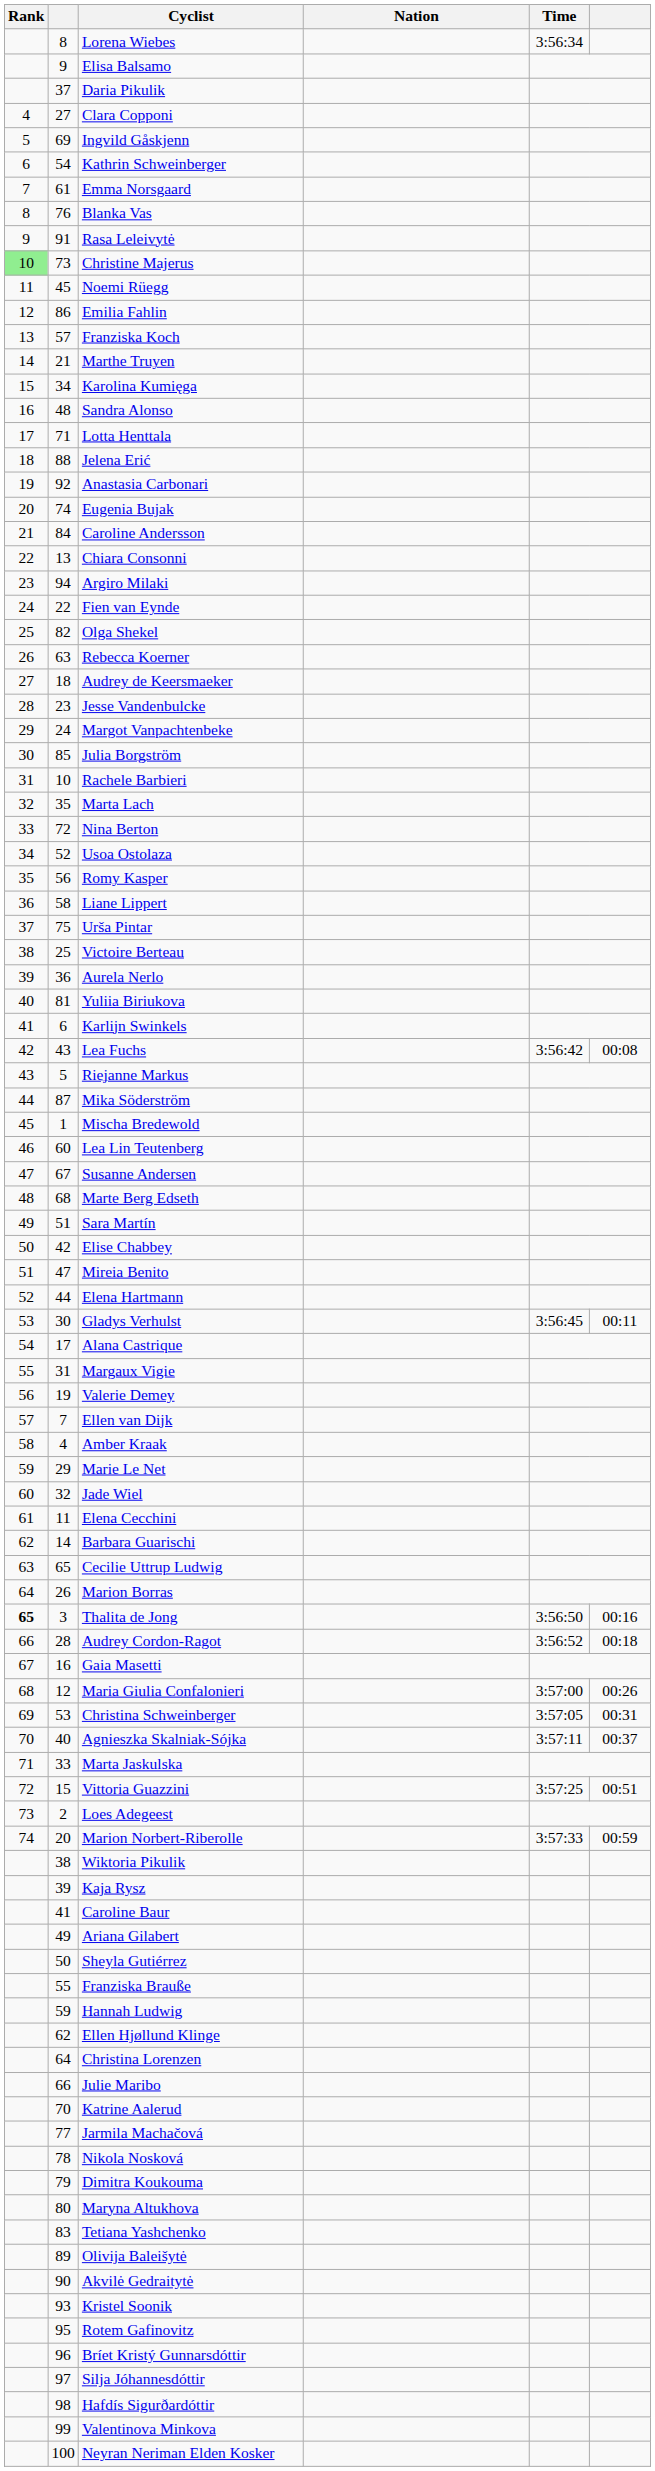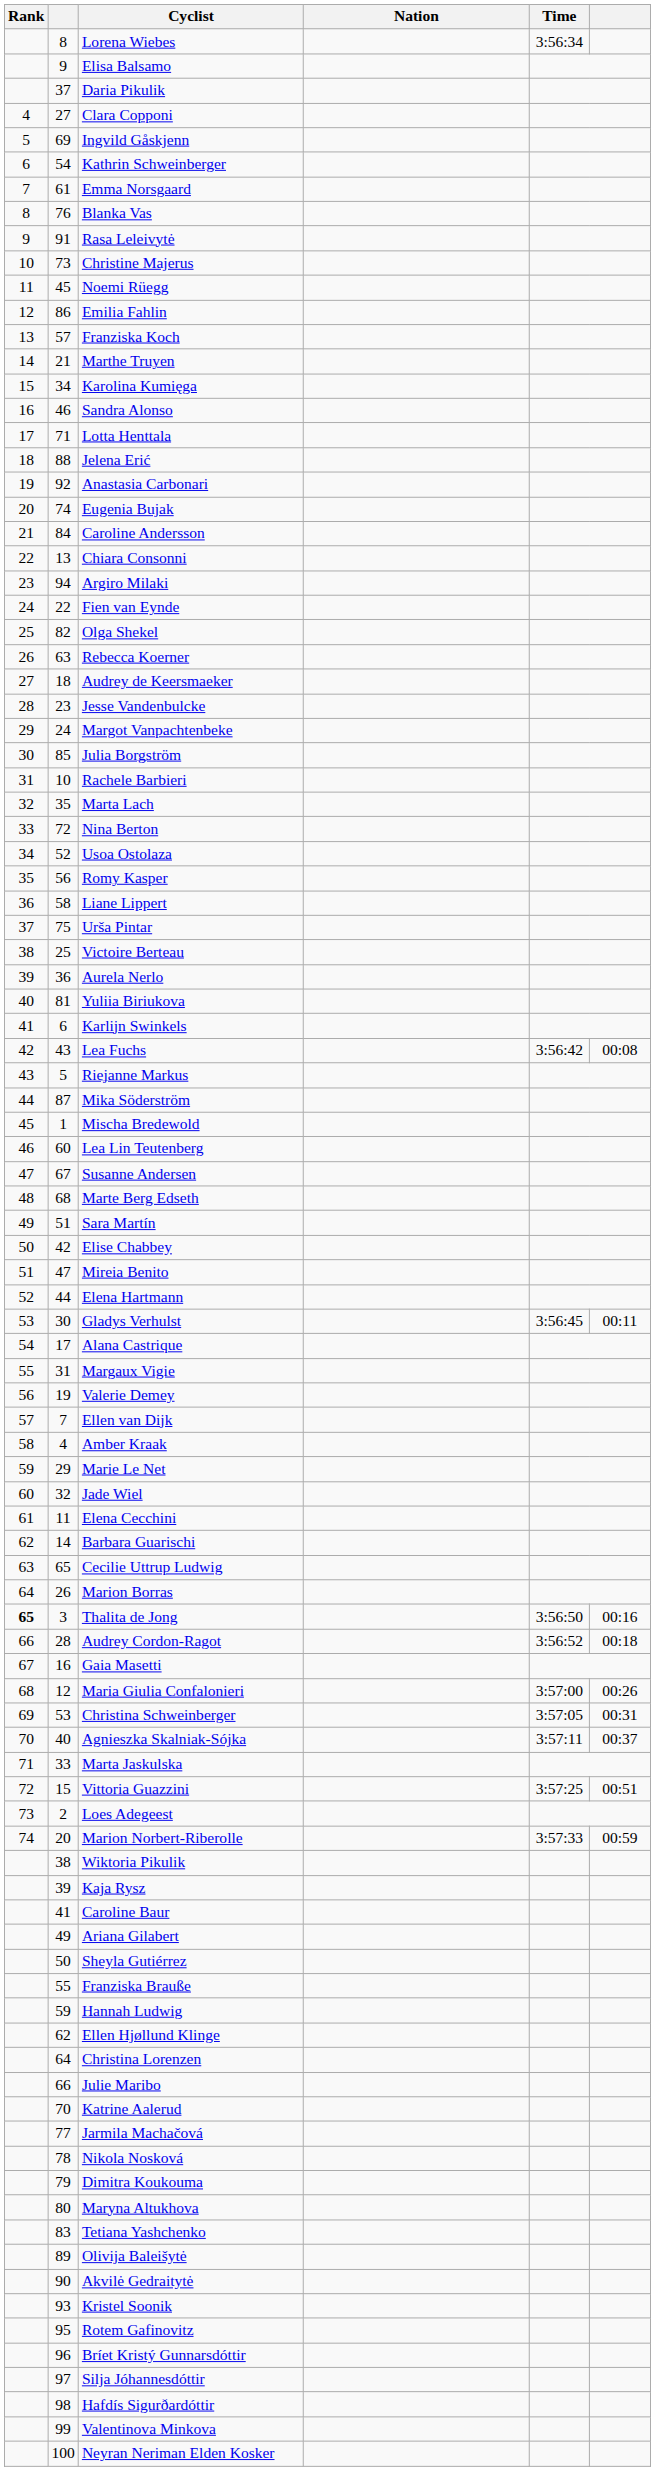 <table class="wikitable sortable" style="text-align:center;">
 <tr>
 <th scope="col" style="width: 30px;">Rank</th>
 <th scope="col" style="width: 20px;"></th>
 <th scope="col" style="width: 225px;">Cyclist</th>
 <th scope="col" style="width: 225px;">Nation</th>
 <th scope="col" style="width: 55px;">Time</th>
 <th scope="col" style="width: 55px;"></th>
 </tr>
 <tr>
 <td></td>
 <td>8</td>
 <td align="left"><a href='#'>Lorena Wiebes</a></td>
 <td align="left"></td>
 <td>3:56:34</td>
 <td></td>
 </tr>
 <tr>
 <td></td>
 <td>9</td>
 <td align="left"><a href='#'>Elisa Balsamo</a></td>
 <td align="left"></td>
 <td colspan=2></td>
 </tr>
 <tr>
 <td></td>
 <td>37</td>
 <td align="left"><a href='#'>Daria Pikulik</a></td>
 <td align="left"></td>
 <td colspan=2></td>
 </tr>
 <tr>
 <td>4</td>
 <td>27</td>
 <td align="left"><a href='#'>Clara Copponi</a></td>
 <td align="left"></td>
 <td colspan=2></td>
 </tr>
 <tr>
 <td>5</td>
 <td>69</td>
 <td align="left"><a href='#'>Ingvild Gåskjenn</a></td>
 <td align="left"></td>
 <td colspan=2></td>
 </tr>
 <tr>
 <td>6</td>
 <td>54</td>
 <td align="left"><a href='#'>Kathrin Schweinberger</a></td>
 <td align="left"></td>
 <td colspan=2></td>
 </tr>
 <tr>
 <td>7</td>
 <td>61</td>
 <td align="left"><a href='#'>Emma Norsgaard</a></td>
 <td align="left"></td>
 <td colspan=2></td>
 </tr>
 <tr>
 <td>8</td>
 <td>76</td>
 <td align="left"><a href='#'>Blanka Vas</a></td>
 <td align="left"></td>
 <td colspan=2></td>
 </tr>
 <tr>
 <td>9</td>
 <td>91</td>
 <td align="left"><a href='#'>Rasa Leleivytė</a></td>
 <td align="left"></td>
 <td colspan=2></td>
 </tr>
 <tr>
-<td style="background: lightgreen;">10</td>
+<td>10</td>
 <td>73</td>
 <td align="left"><a href='#'>Christine Majerus</a></td>
 <td align="left"></td>
 <td colspan=2></td>
 </tr>
 <tr>
 <td>11</td>
 <td>45</td>
 <td align="left"><a href='#'>Noemi Rüegg</a></td>
 <td align="left"></td>
 <td colspan=2></td>
 </tr>
 <tr>
 <td>12</td>
 <td>86</td>
 <td align="left"><a href='#'>Emilia Fahlin</a></td>
 <td align="left"></td>
 <td colspan=2></td>
 </tr>
 <tr>
 <td>13</td>
 <td>57</td>
 <td align="left"><a href='#'>Franziska Koch</a></td>
 <td align="left"></td>
 <td colspan=2></td>
 </tr>
 <tr>
 <td>14</td>
 <td>21</td>
 <td align="left"><a href='#'>Marthe Truyen</a></td>
 <td align="left"></td>
 <td colspan=2></td>
 </tr>
 <tr>
 <td>15</td>
 <td>34</td>
 <td align="left"><a href='#'>Karolina Kumięga</a></td>
 <td align="left"></td>
 <td colspan=2></td>
 </tr>
 <tr>
 <td>16</td>
-<td>48</td>
+<td>46</td>
 <td align="left"><a href='#'>Sandra Alonso</a></td>
 <td align="left"></td>
 <td colspan=2></td>
 </tr>
 <tr>
 <td>17</td>
 <td>71</td>
 <td align="left"><a href='#'>Lotta Henttala</a></td>
 <td align="left"></td>
 <td colspan=2></td>
 </tr>
 <tr>
 <td>18</td>
 <td>88</td>
 <td align="left"><a href='#'>Jelena Erić</a></td>
 <td align="left"></td>
 <td colspan=2></td>
 </tr>
 <tr>
 <td>19</td>
 <td>92</td>
 <td align="left"><a href='#'>Anastasia Carbonari</a></td>
 <td align="left"></td>
 <td colspan=2></td>
 </tr>
 <tr>
 <td>20</td>
 <td>74</td>
 <td align="left"><a href='#'>Eugenia Bujak</a></td>
 <td align="left"></td>
 <td colspan=2></td>
 </tr>
 <tr>
 <td>21</td>
 <td>84</td>
 <td align="left"><a href='#'>Caroline Andersson</a></td>
 <td align="left"></td>
 <td colspan=2></td>
 </tr>
 <tr>
 <td>22</td>
 <td>13</td>
 <td align="left"><a href='#'>Chiara Consonni</a></td>
 <td align="left"></td>
 <td colspan=2></td>
 </tr>
 <tr>
 <td>23</td>
 <td>94</td>
 <td align="left"><a href='#'>Argiro Milaki</a></td>
 <td align="left"></td>
 <td colspan=2></td>
 </tr>
 <tr>
 <td>24</td>
 <td>22</td>
 <td align="left"><a href='#'>Fien van Eynde</a></td>
 <td align="left"></td>
 <td colspan=2></td>
 </tr>
 <tr>
 <td>25</td>
 <td>82</td>
 <td align="left"><a href='#'>Olga Shekel</a></td>
 <td align="left"></td>
 <td colspan=2></td>
 </tr>
 <tr>
 <td>26</td>
 <td>63</td>
 <td align="left"><a href='#'>Rebecca Koerner</a></td>
 <td align="left"></td>
 <td colspan=2></td>
 </tr>
 <tr>
 <td>27</td>
 <td>18</td>
 <td align="left"><a href='#'>Audrey de Keersmaeker</a></td>
 <td align="left"></td>
 <td colspan=2></td>
 </tr>
 <tr>
 <td>28</td>
 <td>23</td>
 <td align="left"><a href='#'>Jesse Vandenbulcke</a></td>
 <td align="left"></td>
 <td colspan=2></td>
 </tr>
 <tr>
 <td>29</td>
 <td>24</td>
 <td align="left"><a href='#'>Margot Vanpachtenbeke</a></td>
 <td align="left"></td>
 <td colspan=2></td>
 </tr>
 <tr>
 <td>30</td>
 <td>85</td>
 <td align="left"><a href='#'>Julia Borgström</a></td>
 <td align="left"></td>
 <td colspan=2></td>
 </tr>
 <tr>
 <td>31</td>
 <td>10</td>
 <td align="left"><a href='#'>Rachele Barbieri</a></td>
 <td align="left"></td>
 <td colspan=2></td>
 </tr>
 <tr>
 <td>32</td>
 <td>35</td>
 <td align="left"><a href='#'>Marta Lach</a></td>
 <td align="left"></td>
 <td colspan=2></td>
 </tr>
 <tr>
 <td>33</td>
 <td>72</td>
 <td align="left"><a href='#'>Nina Berton</a></td>
 <td align="left"></td>
 <td colspan=2></td>
 </tr>
 <tr>
 <td>34</td>
 <td>52</td>
 <td align="left"><a href='#'>Usoa Ostolaza</a></td>
 <td align="left"></td>
 <td colspan=2></td>
 </tr>
 <tr>
 <td>35</td>
 <td>56</td>
 <td align="left"><a href='#'>Romy Kasper</a></td>
 <td align="left"></td>
 <td colspan=2></td>
 </tr>
 <tr>
 <td>36</td>
 <td>58</td>
 <td align="left"><a href='#'>Liane Lippert</a></td>
 <td align="left"></td>
 <td colspan=2></td>
 </tr>
 <tr>
 <td>37</td>
 <td>75</td>
 <td align="left"><a href='#'>Urša Pintar</a></td>
 <td align="left"></td>
 <td colspan=2></td>
 </tr>
 <tr>
 <td>38</td>
 <td>25</td>
 <td align="left"><a href='#'>Victoire Berteau</a></td>
 <td align="left"></td>
 <td colspan=2></td>
 </tr>
 <tr>
 <td>39</td>
 <td>36</td>
 <td align="left"><a href='#'>Aurela Nerlo</a></td>
 <td align="left"></td>
 <td colspan=2></td>
 </tr>
 <tr>
 <td>40</td>
 <td>81</td>
 <td align="left"><a href='#'>Yuliia Biriukova</a></td>
 <td align="left"></td>
 <td colspan=2></td>
 </tr>
 <tr>
 <td>41</td>
 <td>6</td>
 <td align="left"><a href='#'>Karlijn Swinkels</a></td>
 <td align="left"></td>
 <td colspan=2></td>
 </tr>
 <tr>
 <td>42</td>
 <td>43</td>
 <td align="left"><a href='#'>Lea Fuchs</a></td>
 <td align="left"></td>
 <td>3:56:42</td>
 <td>00:08</td>
 </tr>
 <tr>
 <td>43</td>
 <td>5</td>
 <td align="left"><a href='#'>Riejanne Markus</a></td>
 <td align="left"></td>
 <td colspan=2></td>
 </tr>
 <tr>
 <td>44</td>
 <td>87</td>
 <td align="left"><a href='#'>Mika Söderström</a></td>
 <td align="left"></td>
 <td colspan=2></td>
 </tr>
 <tr>
 <td>45</td>
 <td>1</td>
 <td align="left"><a href='#'>Mischa Bredewold</a></td>
 <td align="left"></td>
 <td colspan=2></td>
 </tr>
 <tr>
 <td>46</td>
 <td>60</td>
 <td align="left"><a href='#'>Lea Lin Teutenberg</a></td>
 <td align="left"></td>
 <td colspan=2></td>
 </tr>
 <tr>
 <td>47</td>
 <td>67</td>
 <td align="left"><a href='#'>Susanne Andersen</a></td>
 <td align="left"></td>
 <td colspan=2></td>
 </tr>
 <tr>
 <td>48</td>
 <td>68</td>
 <td align="left"><a href='#'>Marte Berg Edseth</a></td>
 <td align="left"></td>
 <td colspan=2></td>
 </tr>
 <tr>
 <td>49</td>
 <td>51</td>
 <td align="left"><a href='#'>Sara Martín</a></td>
 <td align="left"></td>
 <td colspan=2></td>
 </tr>
 <tr>
 <td>50</td>
 <td>42</td>
 <td align="left"><a href='#'>Elise Chabbey</a></td>
 <td align="left"></td>
 <td colspan=2></td>
 </tr>
 <tr>
 <td>51</td>
 <td>47</td>
 <td align="left"><a href='#'>Mireia Benito</a></td>
 <td align="left"></td>
 <td colspan=2></td>
 </tr>
 <tr>
 <td>52</td>
 <td>44</td>
 <td align="left"><a href='#'>Elena Hartmann</a></td>
 <td align="left"></td>
 <td colspan=2></td>
 </tr>
 <tr>
 <td>53</td>
 <td>30</td>
 <td align="left"><a href='#'>Gladys Verhulst</a></td>
 <td align="left"></td>
 <td>3:56:45</td>
 <td>00:11</td>
 </tr>
 <tr>
 <td>54</td>
 <td>17</td>
 <td align="left"><a href='#'>Alana Castrique</a></td>
 <td align="left"></td>
 <td colspan=2></td>
 </tr>
 <tr>
 <td>55</td>
 <td>31</td>
 <td align="left"><a href='#'>Margaux Vigie</a></td>
 <td align="left"></td>
 <td colspan=2></td>
 </tr>
 <tr>
 <td>56</td>
 <td>19</td>
 <td align="left"><a href='#'>Valerie Demey</a></td>
 <td align="left"></td>
 <td colspan=2></td>
 </tr>
 <tr>
 <td>57</td>
 <td>7</td>
 <td align="left"><a href='#'>Ellen van Dijk</a></td>
 <td align="left"></td>
 <td colspan=2></td>
 </tr>
 <tr>
 <td>58</td>
 <td>4</td>
 <td align="left"><a href='#'>Amber Kraak</a></td>
 <td align="left"></td>
 <td colspan=2></td>
 </tr>
 <tr>
 <td>59</td>
 <td>29</td>
 <td align="left"><a href='#'>Marie Le Net</a></td>
 <td align="left"></td>
 <td colspan=2></td>
 </tr>
 <tr>
 <td>60</td>
 <td>32</td>
 <td align="left"><a href='#'>Jade Wiel</a></td>
 <td align="left"></td>
 <td colspan=2></td>
 </tr>
 <tr>
 <td>61</td>
 <td>11</td>
 <td align="left"><a href='#'>Elena Cecchini</a></td>
 <td align="left"></td>
 <td colspan=2></td>
 </tr>
 <tr>
 <td>62</td>
 <td>14</td>
 <td align="left"><a href='#'>Barbara Guarischi</a></td>
 <td align="left"></td>
 <td colspan=2></td>
 </tr>
 <tr>
 <td>63</td>
 <td>65</td>
 <td align="left"><a href='#'>Cecilie Uttrup Ludwig</a></td>
 <td align="left"></td>
 <td colspan=2></td>
 </tr>
 <tr>
 <td>64</td>
 <td>26</td>
 <td align="left"><a href='#'>Marion Borras</a></td>
 <td align="left"></td>
 <td colspan=2></td>
 </tr>
 <tr>
 <td><strong>65</strong></td>
 <td>3</td>
 <td align="left"><a href='#'>Thalita de Jong</a></td>
 <td align="left"></td>
 <td>3:56:50</td>
 <td>00:16</td>
 </tr>
 <tr>
 <td>66</td>
 <td>28</td>
 <td align="left"><a href='#'>Audrey Cordon-Ragot</a></td>
 <td align="left"></td>
 <td>3:56:52</td>
 <td>00:18</td>
 </tr>
 <tr>
 <td>67</td>
 <td>16</td>
 <td align="left"><a href='#'>Gaia Masetti</a></td>
 <td align="left"></td>
 <td colspan=2></td>
 </tr>
 <tr>
 <td>68</td>
 <td>12</td>
 <td align="left"><a href='#'>Maria Giulia Confalonieri</a></td>
 <td align="left"></td>
 <td>3:57:00</td>
 <td>00:26</td>
 </tr>
 <tr>
 <td>69</td>
 <td>53</td>
 <td align="left"><a href='#'>Christina Schweinberger</a></td>
 <td align="left"></td>
 <td>3:57:05</td>
 <td>00:31</td>
 </tr>
 <tr>
 <td>70</td>
 <td>40</td>
 <td align="left"><a href='#'>Agnieszka Skalniak-Sójka</a></td>
 <td align="left"></td>
 <td>3:57:11</td>
 <td>00:37</td>
 </tr>
 <tr>
 <td>71</td>
 <td>33</td>
 <td align="left"><a href='#'>Marta Jaskulska</a></td>
 <td align="left"></td>
 <td colspan=2></td>
 </tr>
 <tr>
 <td>72</td>
 <td>15</td>
 <td align="left"><a href='#'>Vittoria Guazzini</a></td>
 <td align="left"></td>
 <td>3:57:25</td>
 <td>00:51</td>
 </tr>
 <tr>
 <td>73</td>
 <td>2</td>
 <td align="left"><a href='#'>Loes Adegeest</a></td>
 <td align="left"></td>
 <td colspan=2></td>
 </tr>
 <tr>
 <td>74</td>
 <td>20</td>
 <td align="left"><a href='#'>Marion Norbert-Riberolle</a></td>
 <td align="left"></td>
 <td>3:57:33</td>
 <td>00:59</td>
 </tr>
 <tr>
 <td></td>
 <td>38</td>
 <td align="left"><a href='#'>Wiktoria Pikulik</a></td>
 <td align="left"></td>
 <td></td>
 <td></td>
 </tr>
 <tr>
 <td></td>
 <td>39</td>
 <td align="left"><a href='#'>Kaja Rysz</a></td>
 <td align="left"></td>
 <td></td>
 <td></td>
 </tr>
 <tr>
 <td></td>
 <td>41</td>
 <td align="left"><a href='#'>Caroline Baur</a></td>
 <td align="left"></td>
 <td></td>
 <td></td>
 </tr>
 <tr>
 <td></td>
 <td>49</td>
 <td align="left"><a href='#'>Ariana Gilabert</a></td>
 <td align="left"></td>
 <td></td>
 <td></td>
 </tr>
 <tr>
 <td></td>
 <td>50</td>
 <td align="left"><a href='#'>Sheyla Gutiérrez</a></td>
 <td align="left"></td>
 <td></td>
 <td></td>
 </tr>
 <tr>
 <td></td>
 <td>55</td>
 <td align="left"><a href='#'>Franziska Brauße</a></td>
 <td align="left"></td>
 <td></td>
 <td></td>
 </tr>
 <tr>
 <td></td>
 <td>59</td>
 <td align="left"><a href='#'>Hannah Ludwig</a></td>
 <td align="left"></td>
 <td></td>
 <td></td>
 </tr>
 <tr>
 <td></td>
 <td>62</td>
 <td align="left"><a href='#'>Ellen Hjøllund Klinge</a></td>
 <td align="left"></td>
 <td></td>
 <td></td>
 </tr>
 <tr>
 <td></td>
 <td>64</td>
 <td align="left"><a href='#'>Christina Lorenzen</a></td>
 <td align="left"></td>
 <td></td>
 <td></td>
 </tr>
 <tr>
 <td></td>
 <td>66</td>
 <td align="left"><a href='#'>Julie Maribo</a></td>
 <td align="left"></td>
 <td></td>
 <td></td>
 </tr>
 <tr>
 <td></td>
 <td>70</td>
 <td align="left"><a href='#'>Katrine Aalerud</a></td>
 <td align="left"></td>
 <td></td>
 <td></td>
 </tr>
 <tr>
 <td></td>
 <td>77</td>
 <td align="left"><a href='#'>Jarmila Machačová</a></td>
 <td align="left"></td>
 <td></td>
 <td></td>
 </tr>
 <tr>
 <td></td>
 <td>78</td>
 <td align="left"><a href='#'>Nikola Nosková</a></td>
 <td align="left"></td>
 <td></td>
 <td></td>
 </tr>
 <tr>
 <td></td>
 <td>79</td>
 <td align="left"><a href='#'>Dimitra Koukouma</a></td>
 <td align="left"></td>
 <td></td>
 <td></td>
 </tr>
 <tr>
 <td></td>
 <td>80</td>
 <td align="left"><a href='#'>Maryna Altukhova</a></td>
 <td align="left"></td>
 <td></td>
 <td></td>
 </tr>
 <tr>
 <td></td>
 <td>83</td>
 <td align="left"><a href='#'>Tetiana Yashchenko</a></td>
 <td align="left"></td>
 <td></td>
 <td></td>
 </tr>
 <tr>
 <td></td>
 <td>89</td>
 <td align="left"><a href='#'>Olivija Baleišytė</a></td>
 <td align="left"></td>
 <td></td>
 <td></td>
 </tr>
 <tr>
 <td></td>
 <td>90</td>
 <td align="left"><a href='#'>Akvilė Gedraitytė</a></td>
 <td align="left"></td>
 <td></td>
 <td></td>
 </tr>
 <tr>
 <td></td>
 <td>93</td>
 <td align="left"><a href='#'>Kristel Soonik</a></td>
 <td align="left"></td>
 <td></td>
 <td></td>
 </tr>
 <tr>
 <td></td>
 <td>95</td>
 <td align="left"><a href='#'>Rotem Gafinovitz</a></td>
 <td align="left"></td>
 <td></td>
 <td></td>
 </tr>
 <tr>
 <td></td>
 <td>96</td>
 <td align="left"><a href='#'>Bríet Kristý Gunnarsdóttir</a></td>
 <td align="left"></td>
 <td></td>
 <td></td>
 </tr>
 <tr>
 <td></td>
 <td>97</td>
 <td align="left"><a href='#'>Silja Jóhannesdóttir</a></td>
 <td align="left"></td>
 <td></td>
 <td></td>
 </tr>
 <tr>
 <td></td>
 <td>98</td>
 <td align="left"><a href='#'>Hafdís Sigurðardóttir</a></td>
 <td align="left"></td>
 <td></td>
 <td></td>
 </tr>
 <tr>
 <td></td>
 <td>99</td>
 <td align="left"><a href='#'>Valentinova Minkova</a></td>
 <td align="left"></td>
 <td></td>
 <td></td>
 </tr>
 <tr>
 <td></td>
 <td>100</td>
 <td align="left"><a href='#'>Neyran Neriman Elden Kosker</a></td>
 <td align="left"></td>
 <td></td>
 <td></td>
 </tr>
 </table>
